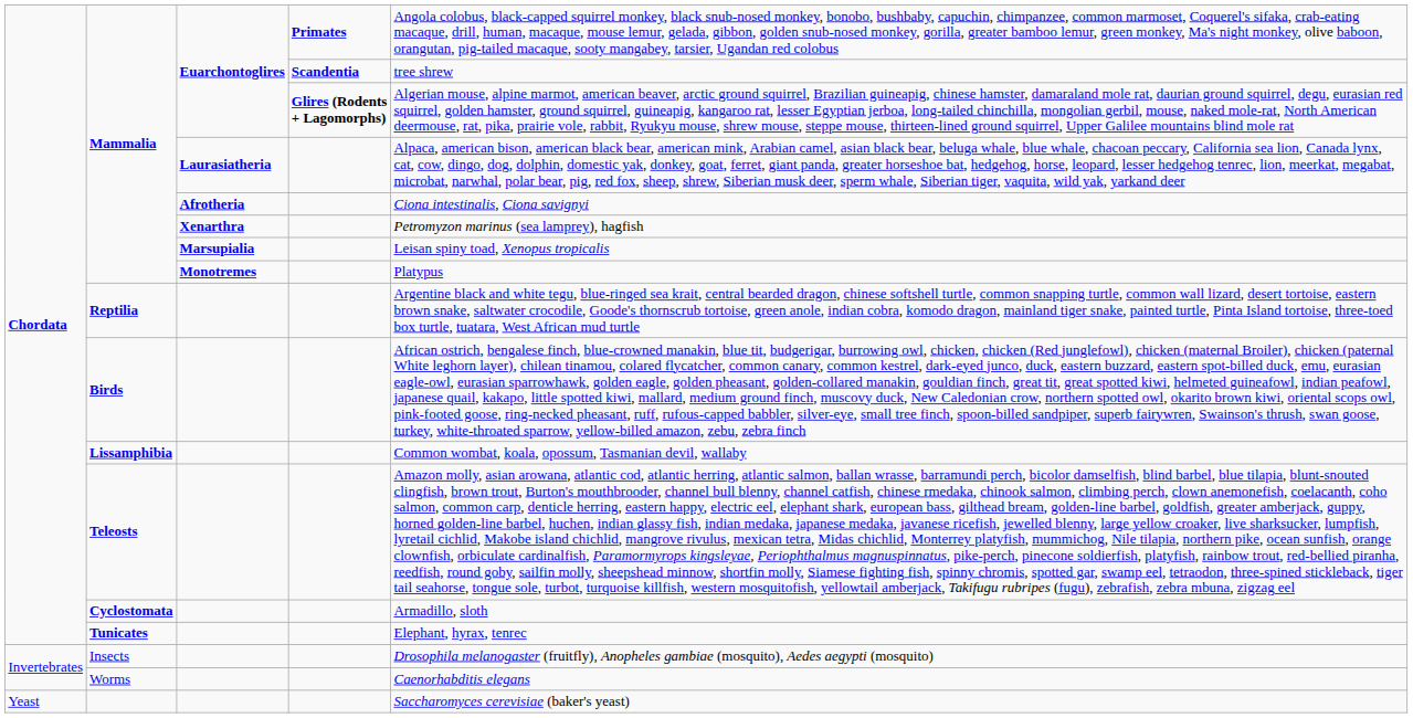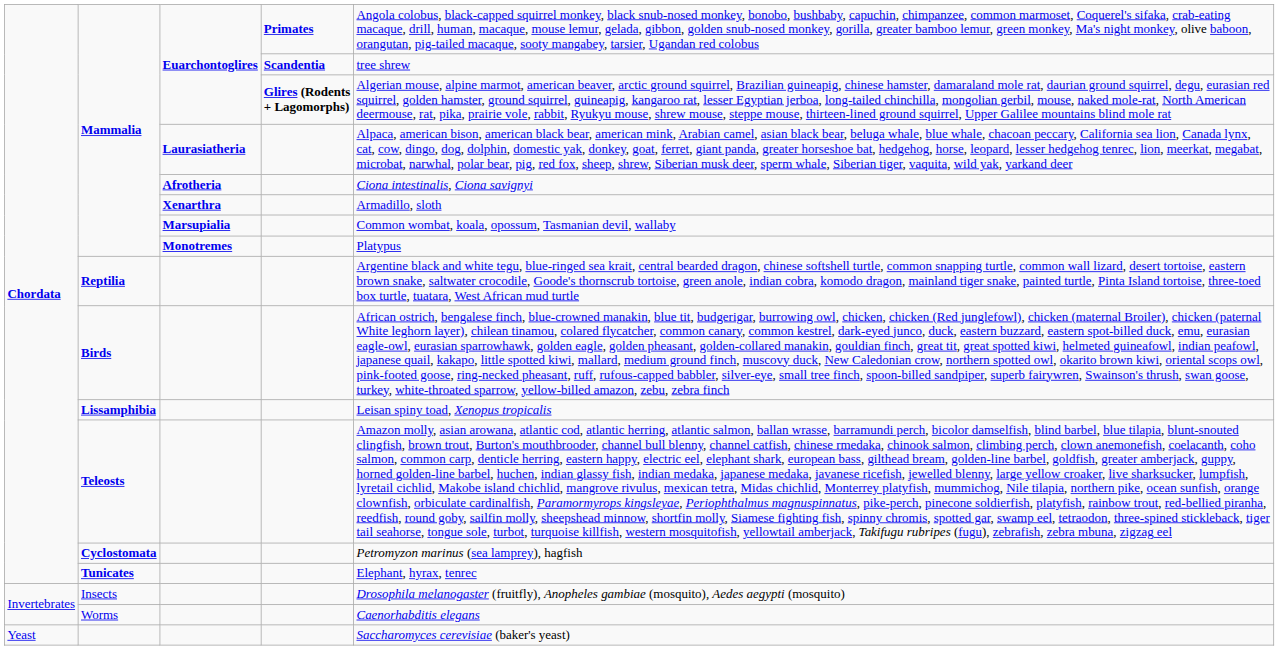 <table class="wikitable mw-collapsible">
 <tr>
 <td rowspan="14"><strong><a href='#'>Chordata</a></strong></td>
 <td rowspan="8"><strong><a href='#'>Mammalia</a></strong></td>
 <td rowspan="3"><strong><a href='#'>Euarchontoglires</a></strong></td>
 <td><strong><a href='#'>Primates</a></strong></td>
 <td><a href='#'>Angola colobus</a>, <a href='#'>black-capped squirrel monkey</a>, <a href='#'>black snub-nosed monkey</a>, <a href='#'>bonobo</a>, <a href='#'>bushbaby</a>, <a href='#'>capuchin</a>, <a href='#'>chimpanzee</a>, <a href='#'>common marmoset</a>, <a href='#'>Coquerel's sifaka</a>, <a href='#'>crab-eating macaque</a>, <a href='#'>drill</a>, <a href='#'>human</a>, <a href='#'>macaque</a>, <a href='#'>mouse lemur</a>, <a href='#'>gelada</a>, <a href='#'>gibbon</a>, <a href='#'>golden snub-nosed monkey</a>, <a href='#'>gorilla</a>, <a href='#'>greater bamboo lemur</a>, <a href='#'>green monkey</a>, <a href='#'>Ma's night monkey</a>, olive <a href='#'>baboon</a>, <a href='#'>orangutan</a>, <a href='#'>pig-tailed macaque</a>, <a href='#'>sooty mangabey</a>, <a href='#'>tarsier</a>, <a href='#'>Ugandan red colobus</a></td>
 </tr>
 <tr>
 <td><strong><a href='#'>Scandentia</a></strong></td>
 <td><a href='#'>tree shrew</a></td>
 </tr>
 <tr>
 <td><strong><a href='#'>Glires</a> (Rodents + Lagomorphs)</strong></td>
 <td><a href='#'>Algerian mouse</a>, <a href='#'>alpine marmot</a>, <a href='#'>american beaver</a>, <a href='#'>arctic ground squirrel</a>, <a href='#'>Brazilian guineapig</a>, <a href='#'>chinese hamster</a>, <a href='#'>damaraland mole rat</a>, <a href='#'>daurian ground squirrel</a>, <a href='#'>degu</a>, <a href='#'>eurasian red squirrel</a>, <a href='#'>golden hamster</a>, <a href='#'>ground squirrel</a>, <a href='#'>guineapig</a>, <a href='#'>kangaroo rat</a>, <a href='#'>lesser Egyptian jerboa</a>, <a href='#'>long-tailed chinchilla</a>, <a href='#'>mongolian gerbil</a>, <a href='#'>mouse</a>, <a href='#'>naked mole-rat</a>, <a href='#'>North American deermouse</a>, <a href='#'>rat</a>, <a href='#'>pika</a>, <a href='#'>prairie vole</a>, <a href='#'>rabbit</a>, <a href='#'>Ryukyu mouse</a>, <a href='#'>shrew mouse</a>, <a href='#'>steppe mouse</a>, <a href='#'>thirteen-lined ground squirrel</a>, <a href='#'>Upper Galilee mountains blind mole rat</a></td>
 </tr>
 <tr>
 <td><strong><a href='#'>Laurasiatheria</a></strong></td>
 <td></td>
 <td><a href='#'>Alpaca</a>, <a href='#'>american bison</a>, <a href='#'>american black bear</a>, <a href='#'>american mink</a>, <a href='#'>Arabian camel</a>, <a href='#'>asian black bear</a>,  <a href='#'>beluga whale</a>, <a href='#'>blue whale</a>, <a href='#'>chacoan peccary</a>, <a href='#'>California sea lion</a>, <a href='#'>Canada lynx</a>, <a href='#'>cat</a>, <a href='#'>cow</a>, <a href='#'>dingo</a>, <a href='#'>dog</a>, <a href='#'>dolphin</a>, <a href='#'>domestic yak</a>, <a href='#'>donkey</a>, <a href='#'>goat</a>, <a href='#'>ferret</a>, <a href='#'>giant panda</a>, <a href='#'>greater horseshoe bat</a>, <a href='#'>hedgehog</a>, <a href='#'>horse</a>, <a href='#'>leopard</a>, <a href='#'>lesser hedgehog tenrec</a>, <a href='#'>lion</a>, <a href='#'>meerkat</a>, <a href='#'>megabat</a>, <a href='#'>microbat</a>, <a href='#'>narwhal</a>,  <a href='#'>polar bear</a>, <a href='#'>pig</a>, <a href='#'>red fox</a>, <a href='#'>sheep</a>, <a href='#'>shrew</a>, <a href='#'>Siberian musk deer</a>, <a href='#'>sperm whale</a>, <a href='#'>Siberian tiger</a>, <a href='#'>vaquita</a>, <a href='#'>wild yak</a>, <a href='#'>yarkand deer</a></td>
 </tr>
 <tr>
 <td><strong><a href='#'>Afrotheria</a></strong></td>
 <td></td>
 <td><em><a href='#'>Ciona intestinalis</a></em>, <em><a href='#'>Ciona savignyi</a></em></td>
 </tr>
 <tr>
 <td><strong><a href='#'>Xenarthra</a></strong></td>
 <td></td>
-<td><em>Petromyzon marinus</em> (<a href='#'>sea lamprey</a>), hagfish</td>
+<td><a href='#'>Armadillo</a>, <a href='#'>sloth</a></td>
 </tr>
 <tr>
 <td><strong><a href='#'>Marsupialia</a></strong></td>
 <td></td>
-<td><a href='#'>Leisan spiny toad</a>, <em><a href='#'>Xenopus tropicalis</a></em></td>
+<td><a href='#'>Common wombat</a>, <a href='#'>koala</a>, <a href='#'>opossum</a>, <a href='#'>Tasmanian devil</a>, <a href='#'>wallaby</a></td>
 </tr>
 <tr>
 <td><strong><a href='#'>Monotremes</a></strong></td>
 <td></td>
 <td><a href='#'>Platypus</a></td>
 </tr>
 <tr>
 <td><strong><a href='#'>Reptilia</a></strong></td>
 <td></td>
 <td></td>
 <td><a href='#'>Argentine black and white tegu</a>, <a href='#'>blue-ringed sea krait</a>, <a href='#'>central bearded dragon</a>, <a href='#'>chinese softshell turtle</a>, <a href='#'>common snapping turtle</a>, <a href='#'>common wall lizard</a>, <a href='#'>desert tortoise</a>, <a href='#'>eastern brown snake</a>, <a href='#'>saltwater crocodile</a>, <a href='#'>Goode's thornscrub tortoise</a>, <a href='#'>green anole</a>, <a href='#'>indian cobra</a>, <a href='#'>komodo dragon</a>, <a href='#'>mainland tiger snake</a>, <a href='#'>painted turtle</a>, <a href='#'>Pinta Island tortoise</a>, <a href='#'>three-toed box turtle</a>, <a href='#'>tuatara</a>, <a href='#'>West African mud turtle</a></td>
 </tr>
 <tr>
 <td><strong><a href='#'>Birds</a></strong></td>
 <td></td>
 <td></td>
 <td><a href='#'>African ostrich</a>, <a href='#'>bengalese finch</a>, <a href='#'>blue-crowned manakin</a>, <a href='#'>blue tit</a>, <a href='#'>budgerigar</a>, <a href='#'>burrowing owl</a>, <a href='#'>chicken</a>, <a href='#'>chicken (Red junglefowl)</a>, <a href='#'>chicken (maternal Broiler)</a>, <a href='#'>chicken (paternal White leghorn layer)</a>, <a href='#'>chilean tinamou</a>, <a href='#'>colared flycatcher</a>, <a href='#'>common canary</a>, <a href='#'>common kestrel</a>, <a href='#'>dark-eyed junco</a>, <a href='#'>duck</a>, <a href='#'>eastern buzzard</a>, <a href='#'>eastern spot-billed duck</a>, <a href='#'>emu</a>, <a href='#'>eurasian eagle-owl</a>, <a href='#'>eurasian sparrowhawk</a>, <a href='#'>golden eagle</a>, <a href='#'>golden pheasant</a>, <a href='#'>golden-collared manakin</a>, <a href='#'>gouldian finch</a>, <a href='#'>great tit</a>, <a href='#'>great spotted kiwi</a>, <a href='#'>helmeted guineafowl</a>, <a href='#'>indian peafowl</a>, <a href='#'>japanese quail</a>, <a href='#'>kakapo</a>, <a href='#'>little spotted kiwi</a>, <a href='#'>mallard</a>, <a href='#'>medium ground finch</a>, <a href='#'>muscovy duck</a>, <a href='#'>New Caledonian crow</a>, <a href='#'>northern spotted owl</a>, <a href='#'>okarito brown kiwi</a>, <a href='#'>oriental scops owl</a>, <a href='#'>pink-footed goose</a>, <a href='#'>ring-necked pheasant</a>, <a href='#'>ruff</a>, <a href='#'>rufous-capped babbler</a>, <a href='#'>silver-eye</a>, <a href='#'>small tree finch</a>, <a href='#'>spoon-billed sandpiper</a>, <a href='#'>superb fairywren</a>, <a href='#'>Swainson's thrush</a>, <a href='#'>swan goose</a>, <a href='#'>turkey</a>, <a href='#'>white-throated sparrow</a>, <a href='#'>yellow-billed amazon</a>, <a href='#'>zebu</a>, <a href='#'>zebra finch</a></td>
 </tr>
 <tr>
 <td><strong><a href='#'>Lissamphibia</a></strong></td>
 <td></td>
 <td></td>
-<td><a href='#'>Common wombat</a>, <a href='#'>koala</a>, <a href='#'>opossum</a>, <a href='#'>Tasmanian devil</a>, <a href='#'>wallaby</a></td>
+<td><a href='#'>Leisan spiny toad</a>, <em><a href='#'>Xenopus tropicalis</a></em></td>
 </tr>
 <tr>
 <td><a href='#'><strong>Teleosts</strong></a></td>
 <td></td>
 <td></td>
 <td><a href='#'>Amazon molly</a>, <a href='#'>asian arowana</a>, <a href='#'>atlantic cod</a>, <a href='#'>atlantic herring</a>, <a href='#'>atlantic salmon</a>, <a href='#'>ballan wrasse</a>, <a href='#'>barramundi perch</a>, <a href='#'>bicolor damselfish</a>, <a href='#'>blind barbel</a>, <a href='#'>blue tilapia</a>, <a href='#'>blunt-snouted clingfish</a>, <a href='#'>brown trout</a>, <a href='#'>Burton's mouthbrooder</a>, <a href='#'>channel bull blenny</a>, <a href='#'>channel catfish</a>, <a href='#'>chinese rmedaka</a>, <a href='#'>chinook salmon</a>, <a href='#'>climbing perch</a>, <a href='#'>clown anemonefish</a>, <a href='#'>coelacanth</a>, <a href='#'>coho salmon</a>, <a href='#'>common carp</a>, <a href='#'>denticle herring</a>, <a href='#'>eastern happy</a>, <a href='#'>electric eel</a>, <a href='#'>elephant shark</a>, <a href='#'>european bass</a>, <a href='#'>gilthead bream</a>, <a href='#'>golden-line barbel</a>, <a href='#'>goldfish</a>, <a href='#'>greater amberjack</a>, <a href='#'>guppy</a>, <a href='#'>horned golden-line barbel</a>, <a href='#'>huchen</a>, <a href='#'>indian glassy fish</a>, <a href='#'>indian medaka</a>, <a href='#'>japanese medaka</a>, <a href='#'>javanese ricefish</a>, <a href='#'>jewelled blenny</a>, <a href='#'>large yellow croaker</a>, <a href='#'>live sharksucker</a>, <a href='#'>lumpfish</a>, <a href='#'>lyretail cichlid</a>, <a href='#'>Makobe island chichlid</a>, <a href='#'>mangrove rivulus</a>, <a href='#'>mexican tetra</a>, <a href='#'>Midas chichlid</a>, <a href='#'>Monterrey platyfish</a>, <a href='#'>mummichog</a>, <a href='#'>Nile tilapia</a>, <a href='#'>northern pike</a>, <a href='#'>ocean sunfish</a>, <a href='#'>orange clownfish</a>, <a href='#'>orbiculate cardinalfish</a>, <em><a href='#'>Paramormyrops kingsleyae</a>, <a href='#'>Periophthalmus magnuspinnatus</a></em>, <a href='#'>pike-perch</a>, <a href='#'>pinecone soldierfish</a>, <a href='#'>platyfish</a>, <a href='#'>rainbow trout</a>, <a href='#'>red-bellied piranha</a>, <a href='#'>reedfish</a>, <a href='#'>round goby</a>, <a href='#'>sailfin molly</a>, <a href='#'>sheepshead minnow</a>, <a href='#'>shortfin molly</a>, <a href='#'>Siamese fighting fish</a>, <a href='#'>spinny chromis</a>, <a href='#'>spotted gar</a>, <a href='#'>swamp eel</a>, <a href='#'>tetraodon</a>, <a href='#'>three-spined stickleback</a>, <a href='#'>tiger tail seahorse</a>, <a href='#'>tongue sole</a>, <a href='#'>turbot</a>, <a href='#'>turquoise killfish</a>, <a href='#'>western mosquitofish</a>, <a href='#'>yellowtail amberjack</a>, <em>Takifugu rubripes</em> (<a href='#'>fugu</a>), <a href='#'>zebrafish</a>, <a href='#'>zebra mbuna</a>, <a href='#'>zigzag eel</a></td>
 </tr>
 <tr>
 <td><strong><a href='#'>Cyclostomata</a></strong></td>
 <td></td>
 <td></td>
-<td><a href='#'>Armadillo</a>, <a href='#'>sloth</a></td>
+<td><em>Petromyzon marinus</em> (<a href='#'>sea lamprey</a>), hagfish</td>
 </tr>
 <tr>
 <td><strong><a href='#'>Tunicates</a></strong></td>
 <td></td>
 <td></td>
 <td><a href='#'>Elephant</a>, <a href='#'>hyrax</a>, <a href='#'>tenrec</a></td>
 </tr>
 <tr>
 <td rowspan="2"><a href='#'>Invertebrates</a></td>
 <td><a href='#'>Insects</a></td>
 <td></td>
 <td></td>
 <td><em><a href='#'>Drosophila melanogaster</a></em> (fruitfly), <em>Anopheles gambiae</em> (mosquito), <em>Aedes aegypti</em> (mosquito)</td>
 </tr>
 <tr>
 <td><a href='#'>Worms</a></td>
 <td></td>
 <td></td>
 <td><em><a href='#'>Caenorhabditis elegans</a></em></td>
 </tr>
 <tr>
 <td><a href='#'>Yeast</a></td>
 <td></td>
 <td></td>
 <td></td>
 <td><em><a href='#'>Saccharomyces cerevisiae</a></em> (baker's yeast)</td>
 </tr>
 </table>
